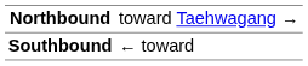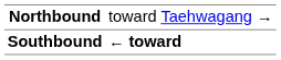 <table border="1" cellspacing="0" cellpadding="3" frame="hsides" rules="rows">
 <tr>
 <th><span>Northbound</span></th>
 <td>  toward <a href='#'>Taehwagang</a> →</td>
 </tr>
 <tr>
 <th><span>Southbound</span></th>
-<td>←  toward </td>
+<td><strong>←  toward </strong></td>
 </tr>
 </table>
